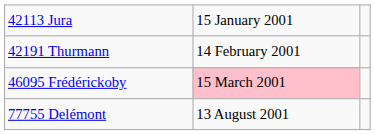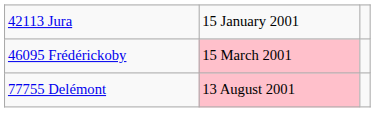 <table class="wikitable" style="font-size: 89%; float: left; width: 25em; margin-right: 1em; line-height: 1.65em !important; height: 100px;">
 <tr>
 <td><a href='#'>42113 Jura</a></td>
 <td>15 January 2001</td>
-<td></td>
-</tr>
-<tr>
-<td><a href='#'>42191 Thurmann</a></td>
-<td>14 February 2001</td>
 <td></td>
 </tr>
 <tr>
 <td><a href='#'>46095 Frédérickoby</a></td>
 <td style="background: pink;">15 March 2001</td>
 <td></td>
 </tr>
 <tr>
 <td><a href='#'>77755 Delémont</a></td>
-<td>13 August 2001</td>
+<td style="background: pink;">13 August 2001</td>
 <td></td>
 </tr>
 </table>
